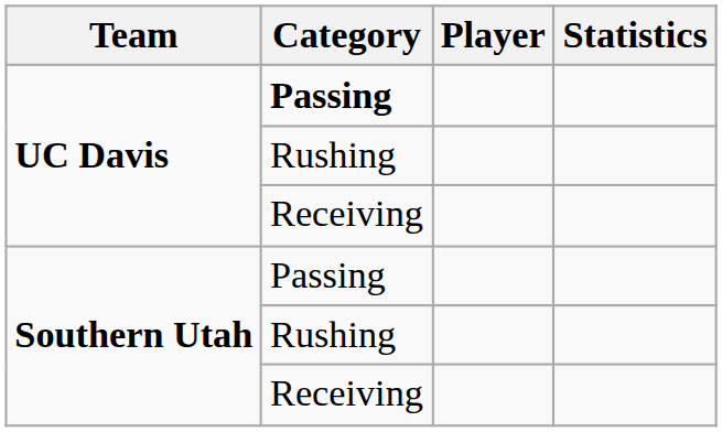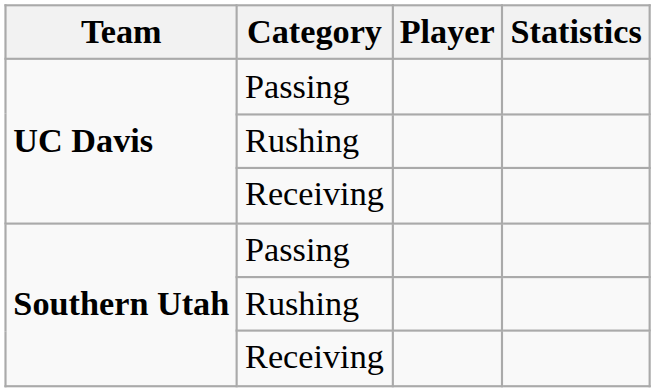 <table class="wikitable" style="float: right;">
 <tr>
 <th>Team</th>
 <th>Category</th>
 <th>Player</th>
 <th>Statistics</th>
 </tr>
 <tr>
 <td rowspan=3><strong>UC Davis</strong></td>
-<td><strong>Passing</strong></td>
+<td>Passing</td>
 <td></td>
 <td></td>
 </tr>
 <tr>
 <td>Rushing</td>
 <td></td>
 <td></td>
 </tr>
 <tr>
 <td>Receiving</td>
 <td></td>
 <td></td>
 </tr>
 <tr>
 <td rowspan=3><strong>Southern Utah</strong></td>
 <td>Passing</td>
 <td></td>
 <td></td>
 </tr>
 <tr>
 <td>Rushing</td>
 <td></td>
 <td></td>
 </tr>
 <tr>
 <td>Receiving</td>
 <td></td>
 <td></td>
 </tr>
 </table>
